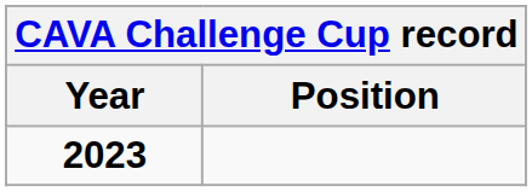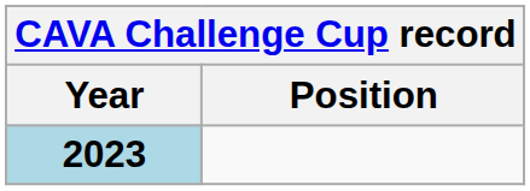 <table class="wikitable" style="text-align: center;">
 <tr>
 <th colspan=6><a href='#'>CAVA Challenge Cup</a> record</th>
 </tr>
 <tr>
 <th>Year</th>
 <th>Position</th>
 </tr>
 <tr>
-<td> <strong>2023</strong></td>
+<td style="background: lightblue;"> <strong>2023</strong></td>
 <td><strong></strong></td>
 </tr>
 </table>
